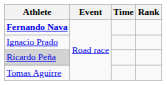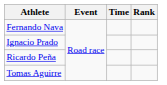 <table class="wikitable" style="font-size:90%">
 <tr>
 <th>Athlete</th>
 <th>Event</th>
 <th>Time</th>
 <th>Rank</th>
 </tr>
 <tr>
-<td><strong><a href='#'>Fernando Nava</a></strong></td>
+<td><a href='#'>Fernando Nava</a></td>
 <td align=center rowspan=4><a href='#'>Road race</a></td>
 <td></td>
 <td></td>
 </tr>
 <tr>
 <td><a href='#'>Ignacio Prado</a></td>
 <td></td>
 <td></td>
 </tr>
 <tr>
-<td style="background: lightgrey;"><a href='#'>Ricardo Peña</a></td>
+<td><a href='#'>Ricardo Peña</a></td>
 <td></td>
 <td></td>
 </tr>
 <tr>
 <td><a href='#'>Tomas Aguirre</a></td>
 <td></td>
 <td></td>
 </tr>
 </table>
